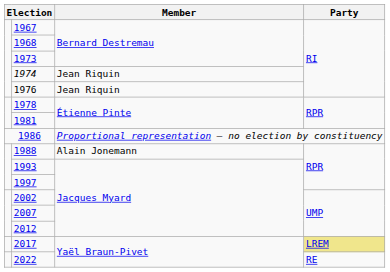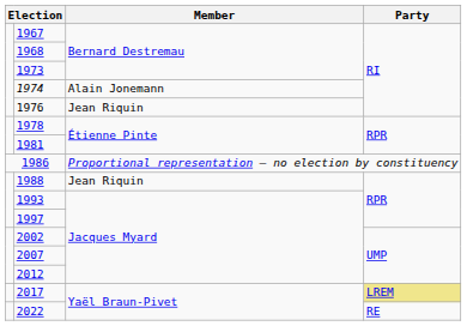 <table class="wikitable">
 <tr>
 <th colspan=2>Election</th>
 <th>Member</th>
 <th>Party</th>
 </tr>
 <tr>
 <td rowspan="5" style="color:inherit;background-color: "></td>
 <td><a href='#'>1967</a></td>
 <td rowspan="3"><a href='#'>Bernard Destremau</a></td>
 <td rowspan="5"><a href='#'>RI</a></td>
 </tr>
 <tr>
 <td><a href='#'>1968</a></td>
 </tr>
 <tr>
 <td><a href='#'>1973</a></td>
 </tr>
 <tr>
 <td><em>1974</em></td>
-<td>Jean Riquin</td>
+<td>Alain Jonemann</td>
 </tr>
 <tr>
 <td>1976</td>
 <td>Jean Riquin</td>
 </tr>
 <tr>
 <td rowspan="2" style="color:inherit;background-color: "></td>
 <td><a href='#'>1978</a></td>
 <td rowspan="2"><a href='#'>Étienne Pinte</a></td>
 <td rowspan="2"><a href='#'>RPR</a></td>
 </tr>
 <tr>
 <td><a href='#'>1981</a></td>
 </tr>
 <tr>
 <td colspan=2 align="center"><a href='#'>1986</a></td>
 <td colspan=2><em><a href='#'>Proportional representation</a> – no election by constituency</em></td>
 </tr>
 <tr>
 <td rowspan="3" style="color:inherit;background-color: "></td>
 <td><a href='#'>1988</a></td>
-<td>Alain Jonemann</td>
+<td>Jean Riquin</td>
 <td rowspan="3"><a href='#'>RPR</a></td>
 </tr>
 <tr>
 <td><a href='#'>1993</a></td>
 <td rowspan="5"><a href='#'>Jacques Myard</a></td>
 </tr>
 <tr>
 <td><a href='#'>1997</a></td>
 </tr>
 <tr>
 <td rowspan="3" style="color:inherit;background-color: "></td>
 <td><a href='#'>2002</a></td>
 <td rowspan="3"><a href='#'>UMP</a></td>
 </tr>
 <tr>
 <td><a href='#'>2007</a></td>
 </tr>
 <tr>
 <td><a href='#'>2012</a></td>
 </tr>
 <tr>
 <td style="color:inherit;background-color: "></td>
 <td><a href='#'>2017</a></td>
 <td rowspan="2"><a href='#'>Yaël Braun-Pivet</a></td>
 <td style="background: khaki;"><a href='#'>LREM</a></td>
 </tr>
 <tr>
 <td style="color:inherit;background-color: "></td>
 <td><a href='#'>2022</a></td>
 <td><a href='#'>RE</a></td>
 </tr>
 </table>
